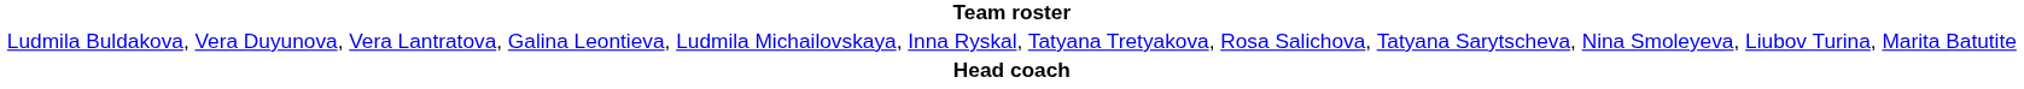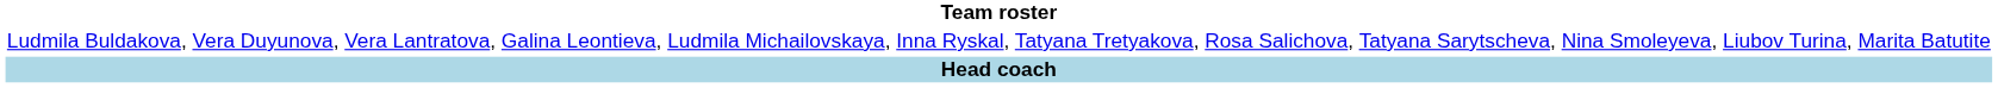 <table style="text-align: center; margin-top: 2em; margin-left: auto; margin-right: auto">
 <tr>
 <td><strong>Team roster</strong></td>
 </tr>
 <tr>
 <td><a href='#'>Ludmila Buldakova</a>, <a href='#'>Vera Duyunova</a>, <a href='#'>Vera Lantratova</a>, <a href='#'>Galina Leontieva</a>, <a href='#'>Ludmila Michailovskaya</a>, <a href='#'>Inna Ryskal</a>, <a href='#'>Tatyana Tretyakova</a>, <a href='#'>Rosa Salichova</a>, <a href='#'>Tatyana Sarytscheva</a>, <a href='#'>Nina Smoleyeva</a>, <a href='#'>Liubov Turina</a>, <a href='#'>Marita Batutite</a></td>
 </tr>
 <tr>
-<td><strong>Head coach</strong></td>
+<td style="background: lightblue;"><strong>Head coach</strong></td>
 </tr>
 <tr>
 <td></td>
 </tr>
 <tr>
 </tr>
 </table>
